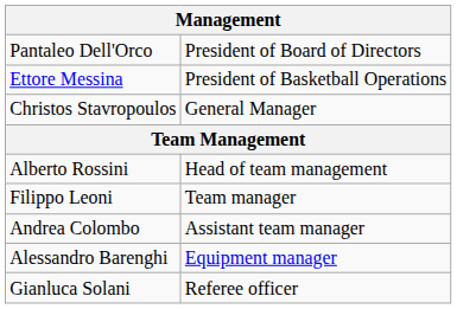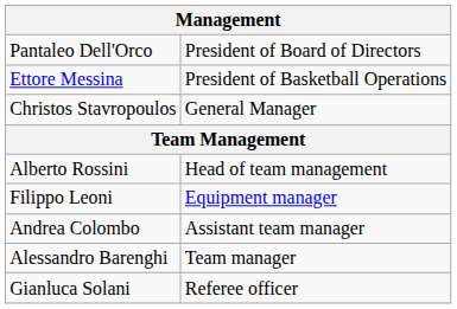 <table class="wikitable sortable">
 <tr>
 <th colspan=2>Management</th>
 </tr>
 <tr>
 <td>Pantaleo Dell'Orco</td>
 <td>President of Board of Directors</td>
 </tr>
 <tr>
 <td><a href='#'>Ettore Messina</a></td>
 <td>President of Basketball Operations</td>
 </tr>
 <tr>
 <td>Christos Stavropoulos</td>
 <td>General Manager</td>
 </tr>
 <tr>
 <th colspan=2>Team Management</th>
 </tr>
 <tr>
 <td>Alberto Rossini</td>
 <td>Head of team management</td>
 </tr>
 <tr>
 <td>Filippo Leoni</td>
-<td>Team manager</td>
+<td><a href='#'>Equipment manager</a></td>
 </tr>
 <tr>
 <td>Andrea Colombo</td>
 <td>Assistant team manager</td>
 </tr>
 <tr>
 <td>Alessandro Barenghi</td>
-<td><a href='#'>Equipment manager</a></td>
+<td>Team manager</td>
 </tr>
 <tr>
 <td>Gianluca Solani</td>
 <td>Referee officer</td>
 </tr>
 </table>
